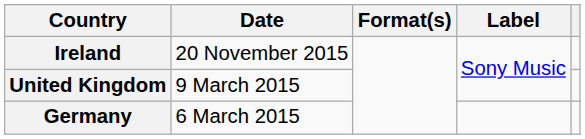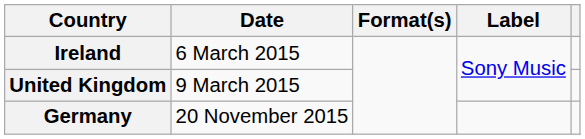 <table class="wikitable plainrowheaders">
 <tr>
 <th scope="col">Country</th>
 <th scope="col">Date</th>
 <th scope="col">Format(s)</th>
 <th scope="col">Label</th>
 <th scope="col"></th>
 </tr>
 <tr>
 <th scope="row">Ireland</th>
-<td>20 November 2015</td>
+<td>6 March 2015</td>
 <td rowspan="3"></td>
 <td rowspan="2"><a href='#'>Sony Music</a></td>
 <td align="center"></td>
 </tr>
 <tr>
 <th scope="row">United Kingdom</th>
 <td>9 March 2015</td>
 <td align="center"></td>
 </tr>
 <tr>
 <th scope="row">Germany</th>
-<td>6 March 2015</td>
+<td>20 November 2015</td>
 <td></td>
 <td align="center"></td>
 </tr>
 </table>
